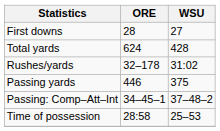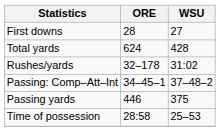 <table class="wikitable" style="float: left;">
 <tr>
 <th>Statistics</th>
 <th>ORE</th>
 <th>WSU</th>
 </tr>
 <tr>
 <td>First downs</td>
 <td>28</td>
 <td>27</td>
 </tr>
 <tr>
 <td>Total yards</td>
 <td>624</td>
 <td>428</td>
 </tr>
 <tr>
 <td>Rushes/yards</td>
 <td>32–178</td>
 <td>31:02</td>
 </tr>
 <tr>
+<td>Passing: Comp–Att–Int</td>
+<td>34–45–1</td>
+<td>37–48–2</td>
+</tr>
+<tr>
 <td>Passing yards</td>
 <td>446</td>
 <td>375</td>
-</tr>
-<tr>
-<td>Passing: Comp–Att–Int</td>
-<td>34–45–1</td>
-<td>37–48–2</td>
 </tr>
 <tr>
 <td>Time of possession</td>
 <td>28:58</td>
 <td>25–53</td>
 </tr>
 <tr>
 </tr>
 </table>
